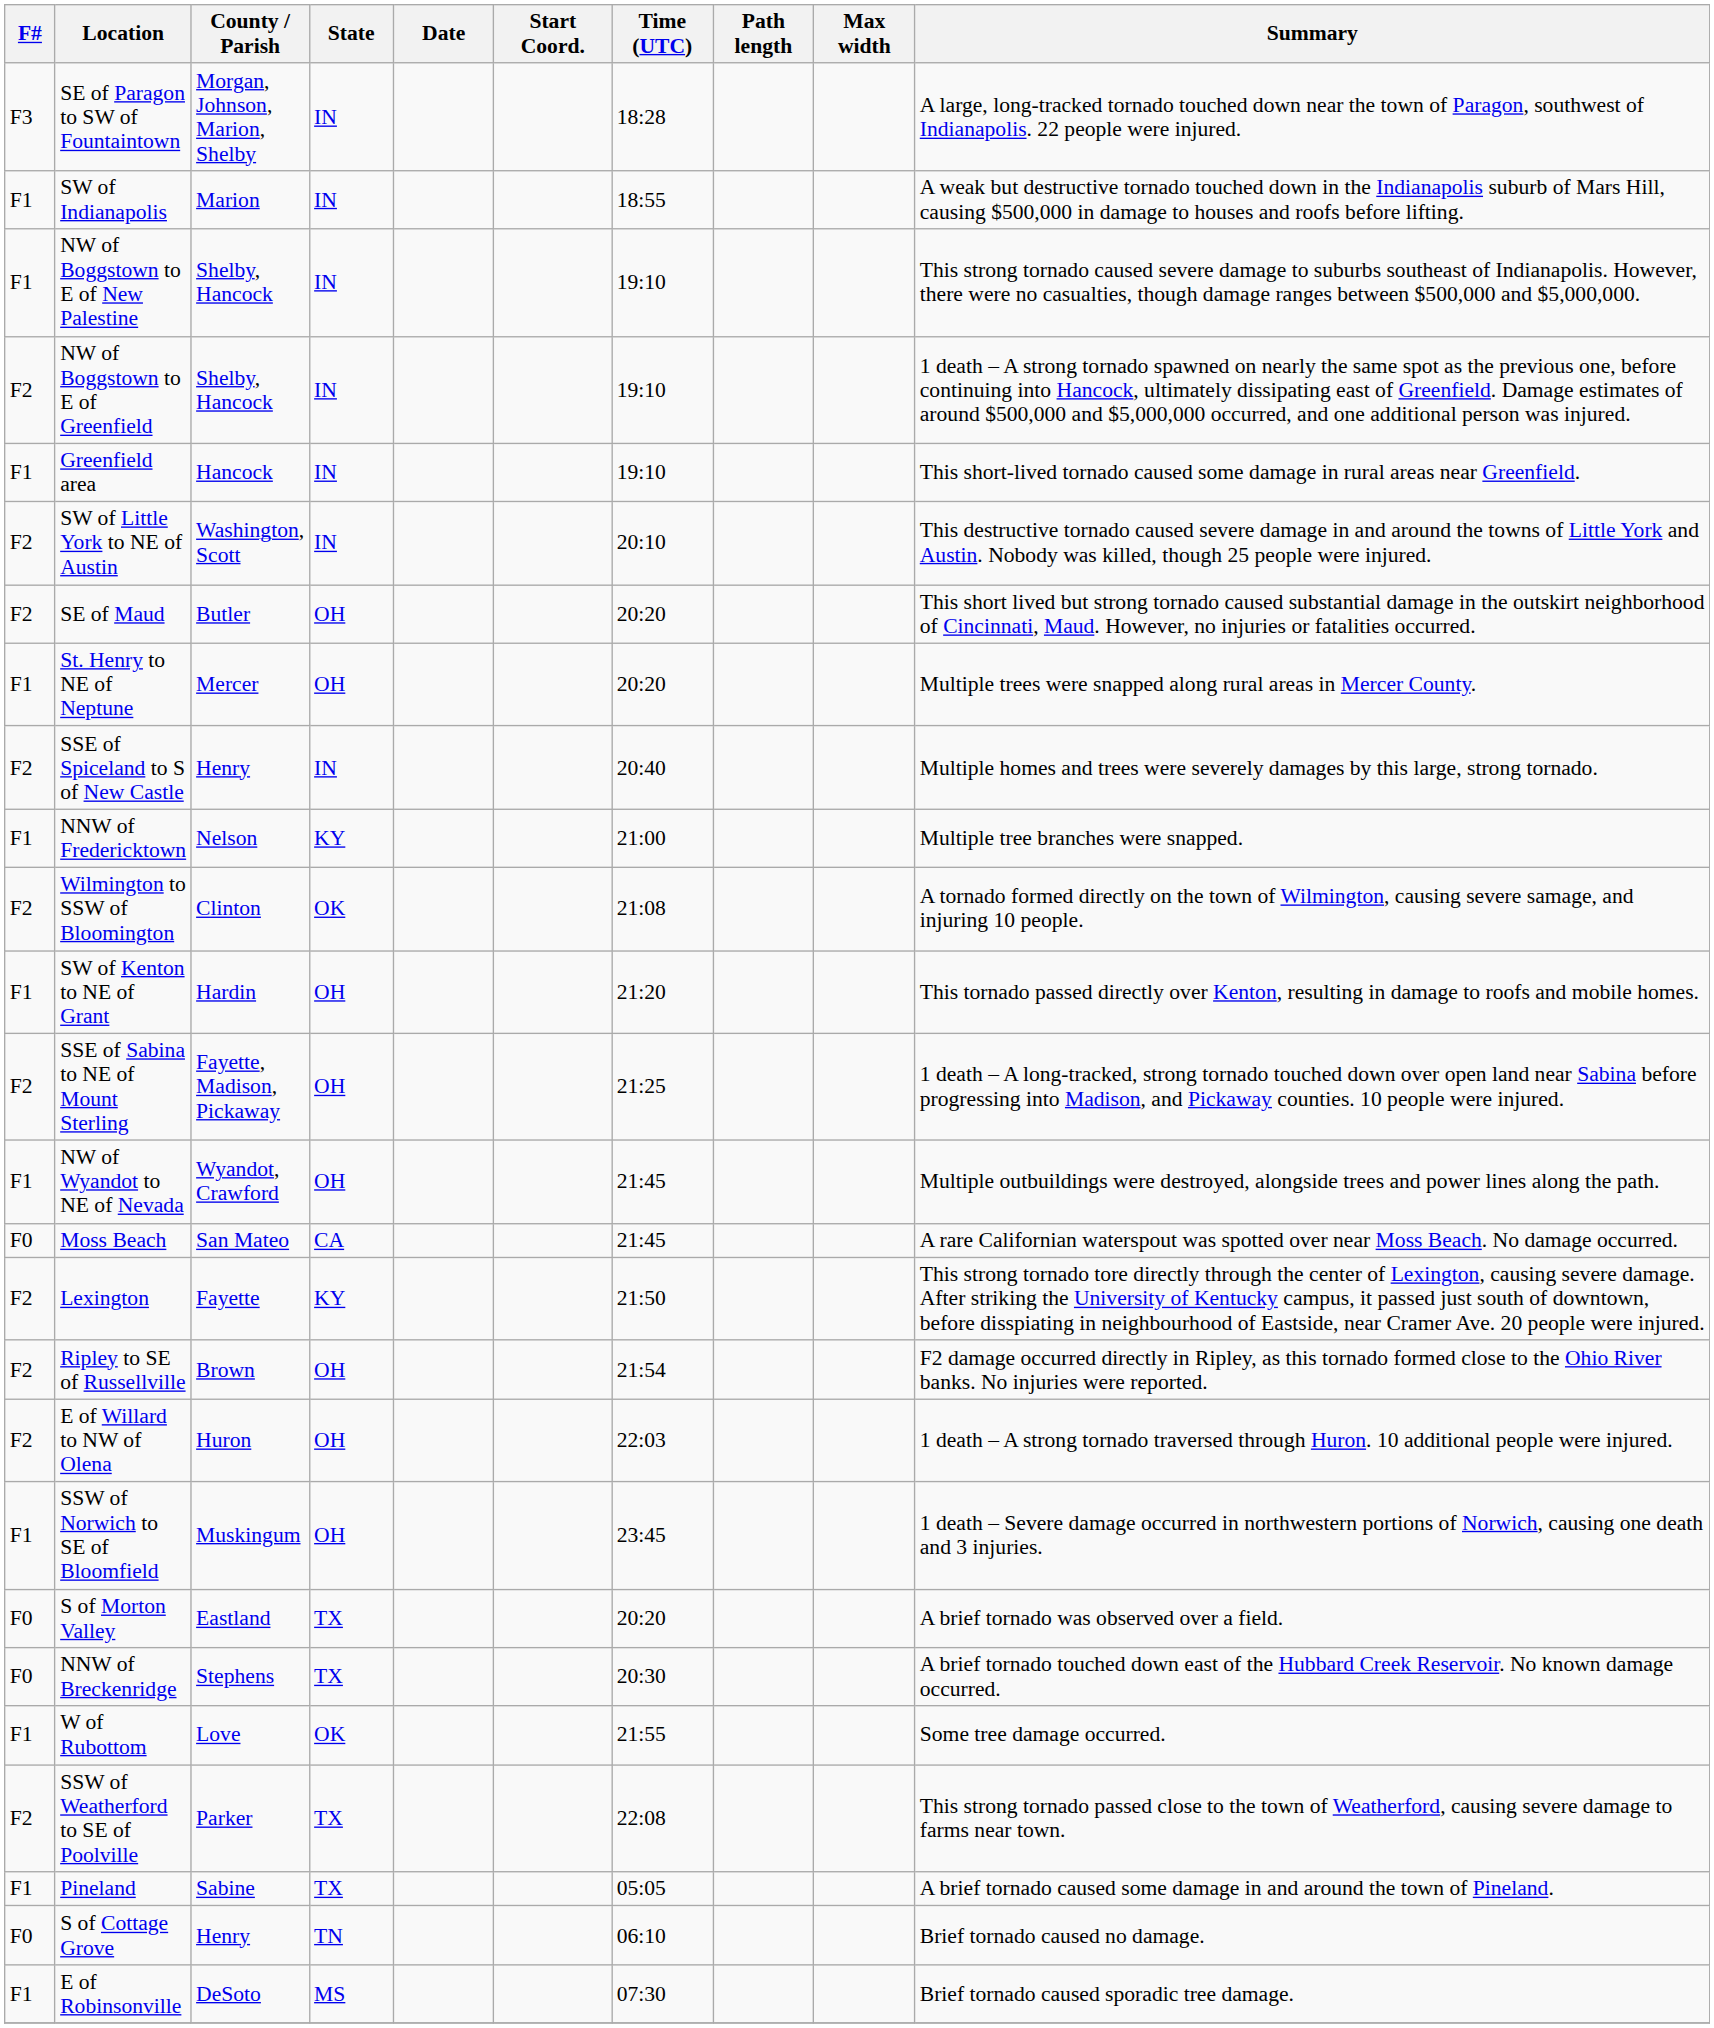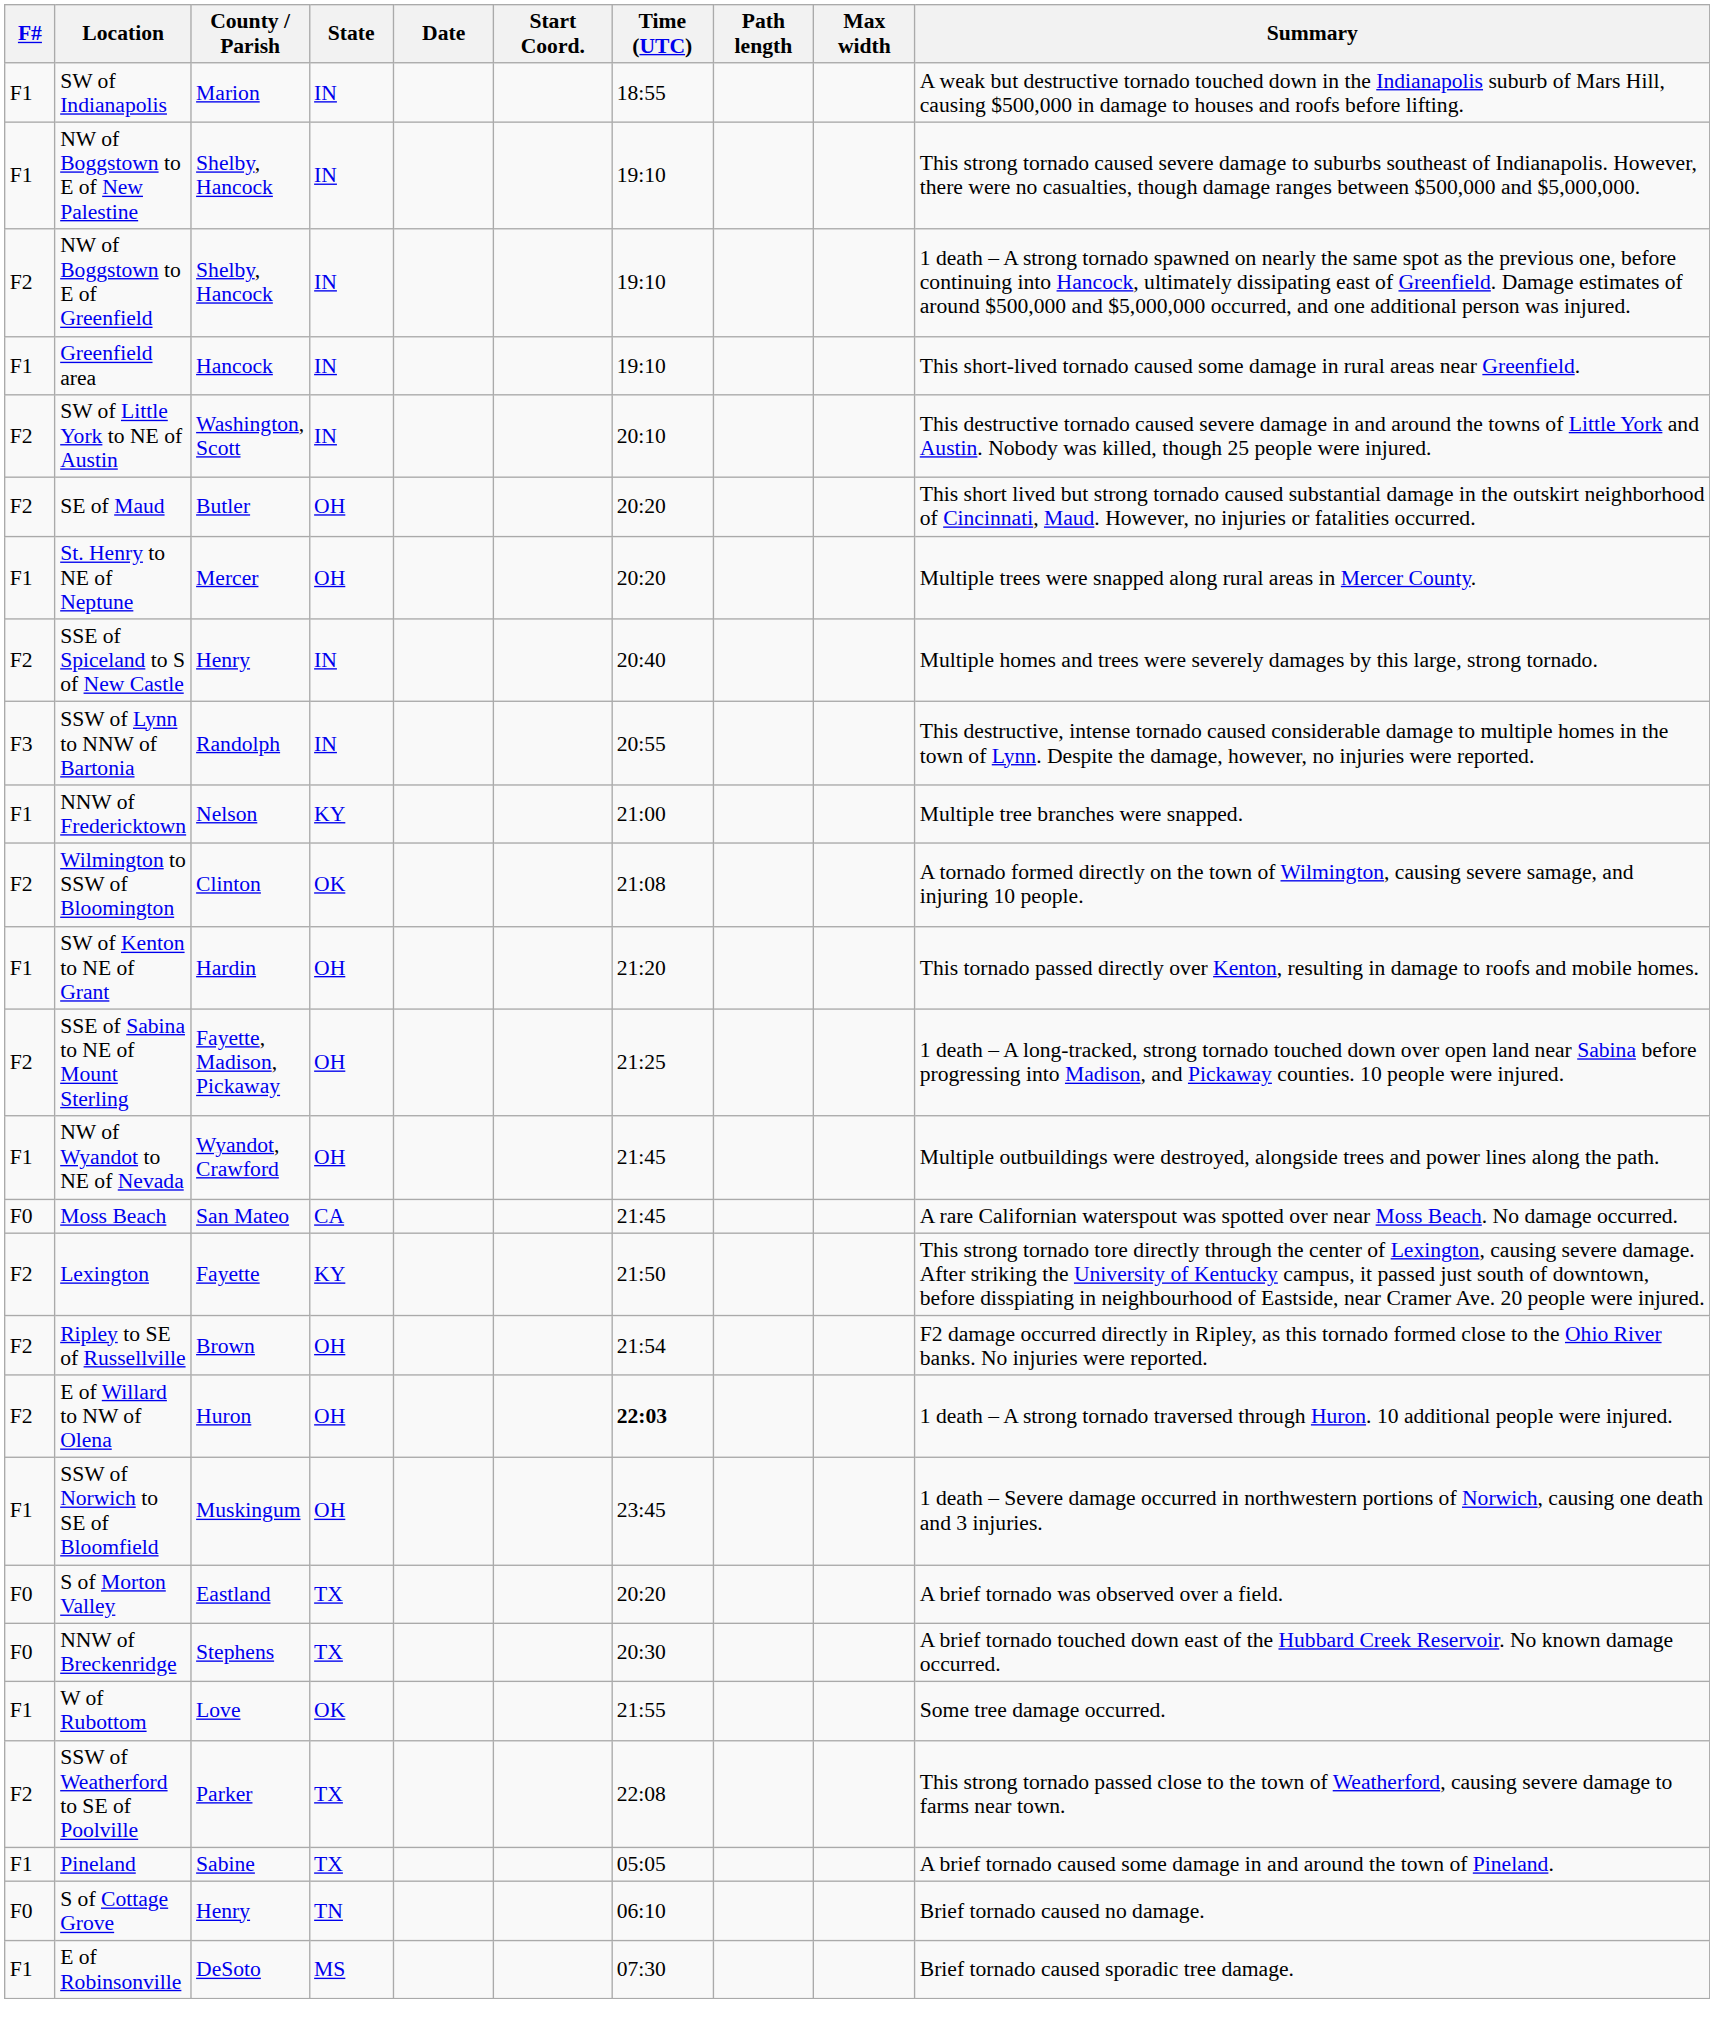 <table class="wikitable sortable" style="width:100%;">
 <tr>
 <th scope="col" width="3%" align="center"><a href='#'>F#</a></th>
 <th scope="col" width="7%" align="center" class="unsortable">Location</th>
 <th scope="col" width="6%" align="center" class="unsortable">County / Parish</th>
 <th scope="col" width="5%" align="center">State</th>
 <th scope="col" width="6%" align="center">Date</th>
 <th scope="col" width="7%" align="center">Start Coord.</th>
 <th scope="col" width="6%" align="center">Time (<a href='#'>UTC</a>)</th>
 <th scope="col" width="6%" align="center">Path length</th>
 <th scope="col" width="6%" align="center">Max width</th>
 <th scope="col" width="48%" class="unsortable" align="center">Summary</th>
-</tr>
-<tr>
-<td>F3</td>
-<td>SE of <a href='#'>Paragon</a> to SW of <a href='#'>Fountaintown</a></td>
-<td><a href='#'>Morgan</a>, <a href='#'>Johnson</a>, <a href='#'>Marion</a>, <a href='#'>Shelby</a></td>
-<td><a href='#'>IN</a></td>
-<td></td>
-<td></td>
-<td>18:28</td>
-<td></td>
-<td></td>
-<td>A large, long-tracked tornado touched down near the town of <a href='#'>Paragon</a>, southwest of <a href='#'>Indianapolis</a>. 22 people were injured.</td>
 </tr>
 <tr>
 <td>F1</td>
 <td>SW of <a href='#'>Indianapolis</a></td>
 <td><a href='#'>Marion</a></td>
 <td><a href='#'>IN</a></td>
 <td></td>
 <td></td>
 <td>18:55</td>
 <td></td>
 <td></td>
 <td>A weak but destructive tornado touched down in the <a href='#'>Indianapolis</a> suburb of Mars Hill, causing $500,000 in damage to houses and roofs before lifting.</td>
 </tr>
 <tr>
 <td>F1</td>
 <td>NW of <a href='#'>Boggstown</a> to E of <a href='#'>New Palestine</a></td>
 <td><a href='#'>Shelby</a>, <a href='#'>Hancock</a></td>
 <td><a href='#'>IN</a></td>
 <td></td>
 <td></td>
 <td>19:10</td>
 <td></td>
 <td></td>
 <td>This strong tornado caused severe damage to suburbs southeast of Indianapolis. However, there were no casualties, though damage ranges between $500,000 and $5,000,000.</td>
 </tr>
 <tr>
 <td>F2</td>
 <td>NW of <a href='#'>Boggstown</a> to E of <a href='#'>Greenfield</a></td>
 <td><a href='#'>Shelby</a>, <a href='#'>Hancock</a></td>
 <td><a href='#'>IN</a></td>
 <td></td>
 <td></td>
 <td>19:10</td>
 <td></td>
 <td></td>
 <td>1 death – A strong tornado spawned on nearly the same spot as the previous one, before continuing into <a href='#'>Hancock</a>, ultimately dissipating east of <a href='#'>Greenfield</a>. Damage estimates of around $500,000 and $5,000,000 occurred, and one additional person was injured.</td>
 </tr>
 <tr>
 <td>F1</td>
 <td><a href='#'>Greenfield</a> area</td>
 <td><a href='#'>Hancock</a></td>
 <td><a href='#'>IN</a></td>
 <td></td>
 <td></td>
 <td>19:10</td>
 <td></td>
 <td></td>
 <td>This short-lived tornado caused some damage in rural areas near <a href='#'>Greenfield</a>.</td>
 </tr>
 <tr>
 <td>F2</td>
 <td>SW of <a href='#'>Little York</a> to NE of <a href='#'>Austin</a></td>
 <td><a href='#'>Washington</a>, <a href='#'>Scott</a></td>
 <td><a href='#'>IN</a></td>
 <td></td>
 <td></td>
 <td>20:10</td>
 <td></td>
 <td></td>
 <td>This destructive tornado caused severe damage in and around the towns of <a href='#'>Little York</a> and <a href='#'>Austin</a>. Nobody was killed, though 25 people were injured.</td>
 </tr>
 <tr>
 <td>F2</td>
 <td>SE of <a href='#'>Maud</a></td>
 <td><a href='#'>Butler</a></td>
 <td><a href='#'>OH</a></td>
 <td></td>
 <td></td>
 <td>20:20</td>
 <td></td>
 <td></td>
 <td>This short lived but strong tornado caused substantial damage in the outskirt neighborhood of <a href='#'>Cincinnati</a>, <a href='#'>Maud</a>. However, no injuries or fatalities occurred.</td>
 </tr>
 <tr>
 <td>F1</td>
 <td><a href='#'>St. Henry</a> to NE of <a href='#'>Neptune</a></td>
 <td><a href='#'>Mercer</a></td>
 <td><a href='#'>OH</a></td>
 <td></td>
 <td></td>
 <td>20:20</td>
 <td></td>
 <td></td>
 <td>Multiple trees were snapped along rural areas in <a href='#'>Mercer County</a>.</td>
 </tr>
 <tr>
 <td>F2</td>
 <td>SSE of <a href='#'>Spiceland</a> to S of <a href='#'>New Castle</a></td>
 <td><a href='#'>Henry</a></td>
 <td><a href='#'>IN</a></td>
 <td></td>
 <td></td>
 <td>20:40</td>
 <td></td>
 <td></td>
 <td>Multiple homes and trees were severely damages by this large, strong tornado.</td>
+</tr>
+<tr>
+<td>F3</td>
+<td>SSW of <a href='#'>Lynn</a> to NNW of <a href='#'>Bartonia</a></td>
+<td><a href='#'>Randolph</a></td>
+<td><a href='#'>IN</a></td>
+<td></td>
+<td></td>
+<td>20:55</td>
+<td></td>
+<td></td>
+<td>This destructive, intense tornado caused considerable damage to multiple homes in the town of <a href='#'>Lynn</a>. Despite the damage, however, no injuries were reported.</td>
 </tr>
 <tr>
 <td>F1</td>
 <td>NNW of <a href='#'>Fredericktown</a></td>
 <td><a href='#'>Nelson</a></td>
 <td><a href='#'>KY</a></td>
 <td></td>
 <td></td>
 <td>21:00</td>
 <td></td>
 <td></td>
 <td>Multiple tree branches were snapped.</td>
 </tr>
 <tr>
 <td>F2</td>
 <td><a href='#'>Wilmington</a> to SSW of <a href='#'>Bloomington</a></td>
 <td><a href='#'>Clinton</a></td>
 <td><a href='#'>OK</a></td>
 <td></td>
 <td></td>
 <td>21:08</td>
 <td></td>
 <td></td>
 <td>A tornado formed directly on the town of <a href='#'>Wilmington</a>, causing severe samage, and injuring 10 people.</td>
 </tr>
 <tr>
 <td>F1</td>
 <td>SW of <a href='#'>Kenton</a> to NE of <a href='#'>Grant</a></td>
 <td><a href='#'>Hardin</a></td>
 <td><a href='#'>OH</a></td>
 <td></td>
 <td></td>
 <td>21:20</td>
 <td></td>
 <td></td>
 <td>This tornado passed directly over <a href='#'>Kenton</a>, resulting in damage to roofs and mobile homes.</td>
 </tr>
 <tr>
 <td>F2</td>
 <td>SSE of <a href='#'>Sabina</a> to NE of <a href='#'>Mount Sterling</a></td>
 <td><a href='#'>Fayette</a>, <a href='#'>Madison</a>, <a href='#'>Pickaway</a></td>
 <td><a href='#'>OH</a></td>
 <td></td>
 <td></td>
 <td>21:25</td>
 <td></td>
 <td></td>
 <td>1 death – A long-tracked, strong tornado touched down over open land near <a href='#'>Sabina</a> before progressing into <a href='#'>Madison</a>, and <a href='#'>Pickaway</a> counties. 10 people were injured.</td>
 </tr>
 <tr>
 <td>F1</td>
 <td>NW of <a href='#'>Wyandot</a> to NE of <a href='#'>Nevada</a></td>
 <td><a href='#'>Wyandot</a>, <a href='#'>Crawford</a></td>
 <td><a href='#'>OH</a></td>
 <td></td>
 <td></td>
 <td>21:45</td>
 <td></td>
 <td></td>
 <td>Multiple outbuildings were destroyed, alongside trees and power lines along the path.</td>
 </tr>
 <tr>
 <td>F0</td>
 <td><a href='#'>Moss Beach</a></td>
 <td><a href='#'>San Mateo</a></td>
 <td><a href='#'>CA</a></td>
 <td></td>
 <td></td>
 <td>21:45</td>
 <td></td>
 <td></td>
 <td>A rare Californian waterspout was spotted over near <a href='#'>Moss Beach</a>. No damage occurred.</td>
 </tr>
 <tr>
 <td>F2</td>
 <td><a href='#'>Lexington</a></td>
 <td><a href='#'>Fayette</a></td>
 <td><a href='#'>KY</a></td>
 <td></td>
 <td></td>
 <td>21:50</td>
 <td></td>
 <td></td>
 <td>This strong tornado tore directly through the center of <a href='#'>Lexington</a>, causing severe damage. After striking the <a href='#'>University of Kentucky</a> campus, it passed just south of downtown, before disspiating in neighbourhood of Eastside, near Cramer Ave. 20 people were injured.</td>
 </tr>
 <tr>
 <td>F2</td>
 <td><a href='#'>Ripley</a> to SE of <a href='#'>Russellville</a></td>
 <td><a href='#'>Brown</a></td>
 <td><a href='#'>OH</a></td>
 <td></td>
 <td></td>
 <td>21:54</td>
 <td></td>
 <td></td>
 <td>F2 damage occurred directly in Ripley, as this tornado formed close to the <a href='#'>Ohio River</a> banks. No injuries were reported.</td>
 </tr>
 <tr>
 <td>F2</td>
 <td>E of <a href='#'>Willard</a> to NW of <a href='#'>Olena</a></td>
 <td><a href='#'>Huron</a></td>
 <td><a href='#'>OH</a></td>
 <td></td>
 <td></td>
-<td>22:03</td>
+<td><strong>22:03</strong></td>
 <td></td>
 <td></td>
 <td>1 death – A strong tornado traversed through <a href='#'>Huron</a>. 10 additional people were injured.</td>
 </tr>
 <tr>
 <td>F1</td>
 <td>SSW of <a href='#'>Norwich</a> to SE of <a href='#'>Bloomfield</a></td>
 <td><a href='#'>Muskingum</a></td>
 <td><a href='#'>OH</a></td>
 <td></td>
 <td></td>
 <td>23:45</td>
 <td></td>
 <td></td>
 <td>1 death – Severe damage occurred in northwestern portions of <a href='#'>Norwich</a>, causing one death and 3 injuries.</td>
 </tr>
 <tr>
 <td>F0</td>
 <td>S of <a href='#'>Morton Valley</a></td>
 <td><a href='#'>Eastland</a></td>
 <td><a href='#'>TX</a></td>
 <td></td>
 <td></td>
 <td>20:20</td>
 <td></td>
 <td></td>
 <td>A brief tornado was observed over a field.</td>
 </tr>
 <tr>
 <td>F0</td>
 <td>NNW of <a href='#'>Breckenridge</a></td>
 <td><a href='#'>Stephens</a></td>
 <td><a href='#'>TX</a></td>
 <td></td>
 <td></td>
 <td>20:30</td>
 <td></td>
 <td></td>
 <td>A brief tornado touched down east of the <a href='#'>Hubbard Creek Reservoir</a>. No known damage occurred.</td>
 </tr>
 <tr>
 <td>F1</td>
 <td>W of <a href='#'>Rubottom</a></td>
 <td><a href='#'>Love</a></td>
 <td><a href='#'>OK</a></td>
 <td></td>
 <td></td>
 <td>21:55</td>
 <td></td>
 <td></td>
 <td>Some tree damage occurred.</td>
 </tr>
 <tr>
 <td>F2</td>
 <td>SSW of <a href='#'>Weatherford</a> to SE of <a href='#'>Poolville</a></td>
 <td><a href='#'>Parker</a></td>
 <td><a href='#'>TX</a></td>
 <td></td>
 <td></td>
 <td>22:08</td>
 <td></td>
 <td></td>
 <td>This strong tornado passed close to the town of <a href='#'>Weatherford</a>, causing severe damage to farms near town.</td>
 </tr>
 <tr>
 <td>F1</td>
 <td><a href='#'>Pineland</a></td>
 <td><a href='#'>Sabine</a></td>
 <td><a href='#'>TX</a></td>
 <td></td>
 <td></td>
 <td>05:05</td>
 <td></td>
 <td></td>
 <td>A brief tornado caused some damage in and around the town of <a href='#'>Pineland</a>.</td>
 </tr>
 <tr>
 <td>F0</td>
 <td>S of <a href='#'>Cottage Grove</a></td>
 <td><a href='#'>Henry</a></td>
 <td><a href='#'>TN</a></td>
 <td></td>
 <td></td>
 <td>06:10</td>
 <td></td>
 <td></td>
 <td>Brief tornado caused no damage.</td>
 </tr>
 <tr>
 <td>F1</td>
 <td>E of <a href='#'>Robinsonville</a></td>
 <td><a href='#'>DeSoto</a></td>
 <td><a href='#'>MS</a></td>
 <td></td>
 <td></td>
 <td>07:30</td>
 <td></td>
 <td></td>
 <td>Brief tornado caused sporadic tree damage.</td>
 </tr>
 <tr>
 </tr>
 </table>
